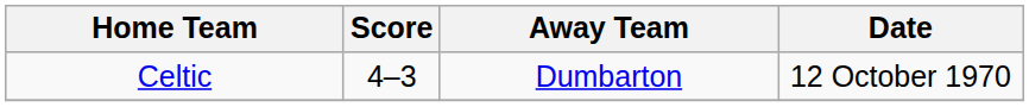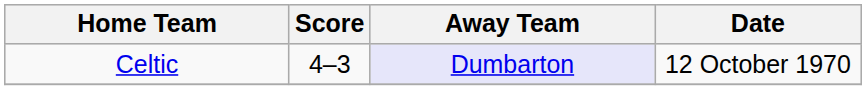 <table class="wikitable" style="text-align:center;">
 <tr>
 <th width=175>Home Team</th>
 <th width=20>Score</th>
 <th width=175>Away Team</th>
 <th width= 125>Date</th>
 </tr>
 <tr>
 <td><a href='#'>Celtic</a></td>
 <td>4–3</td>
-<td><a href='#'>Dumbarton</a></td>
+<td style="background: lavender;"><a href='#'>Dumbarton</a></td>
 <td>12 October 1970</td>
 </tr>
 <tr>
 </tr>
 </table>
